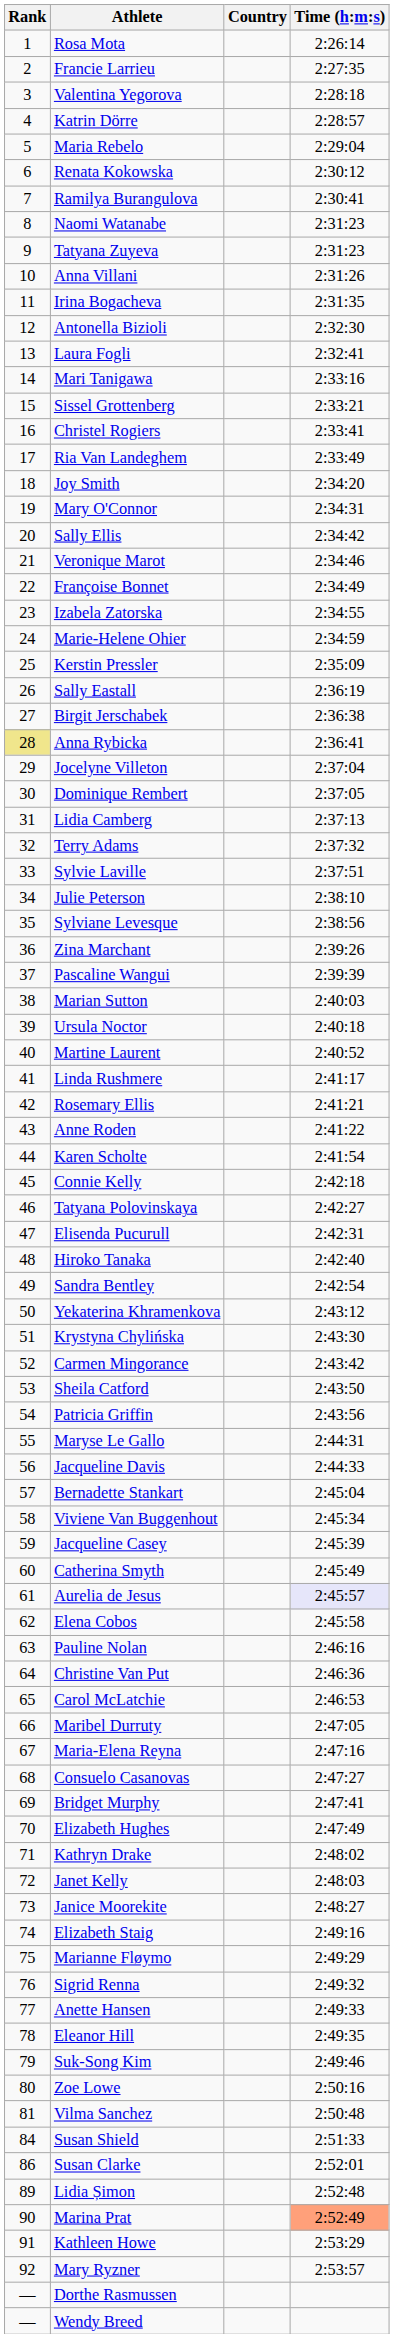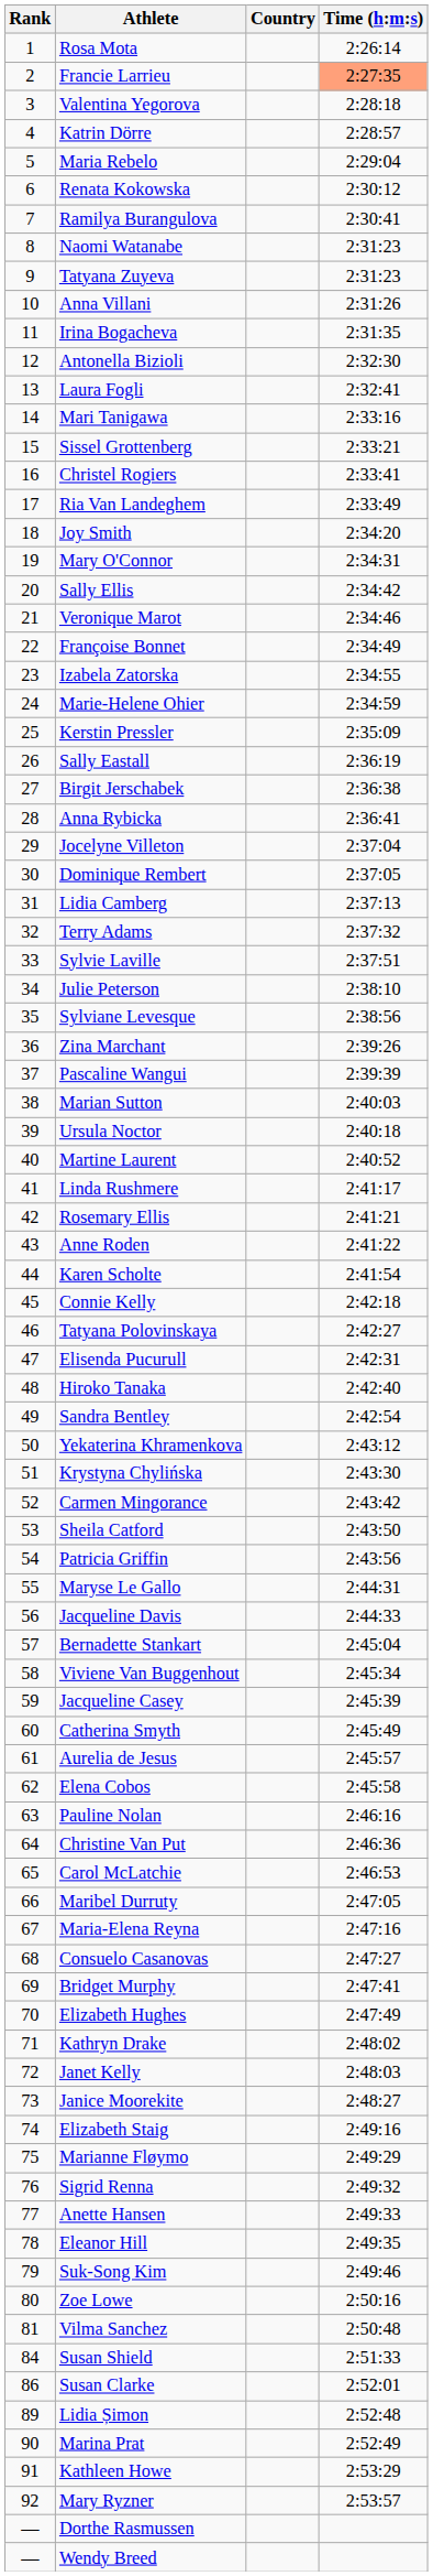 <table class="wikitable sortable" style="text-align:center">
 <tr>
 <th>Rank</th>
 <th>Athlete</th>
 <th>Country</th>
 <th>Time (<a href='#'>h</a>:<a href='#'>m</a>:<a href='#'>s</a>)</th>
 </tr>
 <tr>
 <td>1</td>
 <td align=left><a href='#'>Rosa Mota</a></td>
 <td align=left></td>
 <td>2:26:14</td>
 </tr>
 <tr>
 <td>2</td>
 <td align=left><a href='#'>Francie Larrieu</a></td>
 <td align=left></td>
-<td>2:27:35</td>
+<td style="background: lightsalmon;">2:27:35</td>
 </tr>
 <tr>
 <td>3</td>
 <td align=left><a href='#'>Valentina Yegorova</a></td>
 <td align=left></td>
 <td>2:28:18</td>
 </tr>
 <tr>
 <td>4</td>
 <td align=left><a href='#'>Katrin Dörre</a></td>
 <td align=left></td>
 <td>2:28:57</td>
 </tr>
 <tr>
 <td>5</td>
 <td align=left><a href='#'>Maria Rebelo</a></td>
 <td align=left></td>
 <td>2:29:04</td>
 </tr>
 <tr>
 <td>6</td>
 <td align=left><a href='#'>Renata Kokowska</a></td>
 <td align=left></td>
 <td>2:30:12</td>
 </tr>
 <tr>
 <td>7</td>
 <td align=left><a href='#'>Ramilya Burangulova</a></td>
 <td align=left></td>
 <td>2:30:41</td>
 </tr>
 <tr>
 <td>8</td>
 <td align=left><a href='#'>Naomi Watanabe</a></td>
 <td align=left></td>
 <td>2:31:23</td>
 </tr>
 <tr>
 <td>9</td>
 <td align=left><a href='#'>Tatyana Zuyeva</a></td>
 <td align=left></td>
 <td>2:31:23</td>
 </tr>
 <tr>
 <td>10</td>
 <td align=left><a href='#'>Anna Villani</a></td>
 <td align=left></td>
 <td>2:31:26</td>
 </tr>
 <tr>
 <td>11</td>
 <td align=left><a href='#'>Irina Bogacheva</a></td>
 <td align=left></td>
 <td>2:31:35</td>
 </tr>
 <tr>
 <td>12</td>
 <td align=left><a href='#'>Antonella Bizioli</a></td>
 <td align=left></td>
 <td>2:32:30</td>
 </tr>
 <tr>
 <td>13</td>
 <td align=left><a href='#'>Laura Fogli</a></td>
 <td align=left></td>
 <td>2:32:41</td>
 </tr>
 <tr>
 <td>14</td>
 <td align=left><a href='#'>Mari Tanigawa</a></td>
 <td align=left></td>
 <td>2:33:16</td>
 </tr>
 <tr>
 <td>15</td>
 <td align=left><a href='#'>Sissel Grottenberg</a></td>
 <td align=left></td>
 <td>2:33:21</td>
 </tr>
 <tr>
 <td>16</td>
 <td align=left><a href='#'>Christel Rogiers</a></td>
 <td align=left></td>
 <td>2:33:41</td>
 </tr>
 <tr>
 <td>17</td>
 <td align=left><a href='#'>Ria Van Landeghem</a></td>
 <td align=left></td>
 <td>2:33:49</td>
 </tr>
 <tr>
 <td>18</td>
 <td align=left><a href='#'>Joy Smith</a></td>
 <td align=left></td>
 <td>2:34:20</td>
 </tr>
 <tr>
 <td>19</td>
 <td align=left><a href='#'>Mary O'Connor</a></td>
 <td align=left></td>
 <td>2:34:31</td>
 </tr>
 <tr>
 <td>20</td>
 <td align=left><a href='#'>Sally Ellis</a></td>
 <td align=left></td>
 <td>2:34:42</td>
 </tr>
 <tr>
 <td>21</td>
 <td align=left><a href='#'>Veronique Marot</a></td>
 <td align=left></td>
 <td>2:34:46</td>
 </tr>
 <tr>
 <td>22</td>
 <td align=left><a href='#'>Françoise Bonnet</a></td>
 <td align=left></td>
 <td>2:34:49</td>
 </tr>
 <tr>
 <td>23</td>
 <td align=left><a href='#'>Izabela Zatorska</a></td>
 <td align=left></td>
 <td>2:34:55</td>
 </tr>
 <tr>
 <td>24</td>
 <td align=left><a href='#'>Marie-Helene Ohier</a></td>
 <td align=left></td>
 <td>2:34:59</td>
 </tr>
 <tr>
 <td>25</td>
 <td align=left><a href='#'>Kerstin Pressler</a></td>
 <td align=left></td>
 <td>2:35:09</td>
 </tr>
 <tr>
 <td>26</td>
 <td align=left><a href='#'>Sally Eastall</a></td>
 <td align=left></td>
 <td>2:36:19</td>
 </tr>
 <tr>
 <td>27</td>
 <td align=left><a href='#'>Birgit Jerschabek</a></td>
 <td align=left></td>
 <td>2:36:38</td>
 </tr>
 <tr>
-<td style="background: khaki;">28</td>
+<td>28</td>
 <td align=left><a href='#'>Anna Rybicka</a></td>
 <td align=left></td>
 <td>2:36:41</td>
 </tr>
 <tr>
 <td>29</td>
 <td align=left><a href='#'>Jocelyne Villeton</a></td>
 <td align=left></td>
 <td>2:37:04</td>
 </tr>
 <tr>
 <td>30</td>
 <td align=left><a href='#'>Dominique Rembert</a></td>
 <td align=left></td>
 <td>2:37:05</td>
 </tr>
 <tr>
 <td>31</td>
 <td align=left><a href='#'>Lidia Camberg</a></td>
 <td align=left></td>
 <td>2:37:13</td>
 </tr>
 <tr>
 <td>32</td>
 <td align=left><a href='#'>Terry Adams</a></td>
 <td align=left></td>
 <td>2:37:32</td>
 </tr>
 <tr>
 <td>33</td>
 <td align=left><a href='#'>Sylvie Laville</a></td>
 <td align=left></td>
 <td>2:37:51</td>
 </tr>
 <tr>
 <td>34</td>
 <td align=left><a href='#'>Julie Peterson</a></td>
 <td align=left></td>
 <td>2:38:10</td>
 </tr>
 <tr>
 <td>35</td>
 <td align=left><a href='#'>Sylviane Levesque</a></td>
 <td align=left></td>
 <td>2:38:56</td>
 </tr>
 <tr>
 <td>36</td>
 <td align=left><a href='#'>Zina Marchant</a></td>
 <td align=left></td>
 <td>2:39:26</td>
 </tr>
 <tr>
 <td>37</td>
 <td align=left><a href='#'>Pascaline Wangui</a></td>
 <td align=left></td>
 <td>2:39:39</td>
 </tr>
 <tr>
 <td>38</td>
 <td align=left><a href='#'>Marian Sutton</a></td>
 <td align=left></td>
 <td>2:40:03</td>
 </tr>
 <tr>
 <td>39</td>
 <td align=left><a href='#'>Ursula Noctor</a></td>
 <td align=left></td>
 <td>2:40:18</td>
 </tr>
 <tr>
 <td>40</td>
 <td align=left><a href='#'>Martine Laurent</a></td>
 <td align=left></td>
 <td>2:40:52</td>
 </tr>
 <tr>
 <td>41</td>
 <td align=left><a href='#'>Linda Rushmere</a></td>
 <td align=left></td>
 <td>2:41:17</td>
 </tr>
 <tr>
 <td>42</td>
 <td align=left><a href='#'>Rosemary Ellis</a></td>
 <td align=left></td>
 <td>2:41:21</td>
 </tr>
 <tr>
 <td>43</td>
 <td align=left><a href='#'>Anne Roden</a></td>
 <td align=left></td>
 <td>2:41:22</td>
 </tr>
 <tr>
 <td>44</td>
 <td align=left><a href='#'>Karen Scholte</a></td>
 <td align=left></td>
 <td>2:41:54</td>
 </tr>
 <tr>
 <td>45</td>
 <td align=left><a href='#'>Connie Kelly</a></td>
 <td align=left></td>
 <td>2:42:18</td>
 </tr>
 <tr>
 <td>46</td>
 <td align=left><a href='#'>Tatyana Polovinskaya</a></td>
 <td align=left></td>
 <td>2:42:27</td>
 </tr>
 <tr>
 <td>47</td>
 <td align=left><a href='#'>Elisenda Pucurull</a></td>
 <td align=left></td>
 <td>2:42:31</td>
 </tr>
 <tr>
 <td>48</td>
 <td align=left><a href='#'>Hiroko Tanaka</a></td>
 <td align=left></td>
 <td>2:42:40</td>
 </tr>
 <tr>
 <td>49</td>
 <td align=left><a href='#'>Sandra Bentley</a></td>
 <td align=left></td>
 <td>2:42:54</td>
 </tr>
 <tr>
 <td>50</td>
 <td align=left><a href='#'>Yekaterina Khramenkova</a></td>
 <td align=left></td>
 <td>2:43:12</td>
 </tr>
 <tr>
 <td>51</td>
 <td align=left><a href='#'>Krystyna Chylińska</a></td>
 <td align=left></td>
 <td>2:43:30</td>
 </tr>
 <tr>
 <td>52</td>
 <td align=left><a href='#'>Carmen Mingorance</a></td>
 <td align=left></td>
 <td>2:43:42</td>
 </tr>
 <tr>
 <td>53</td>
 <td align=left><a href='#'>Sheila Catford</a></td>
 <td align=left></td>
 <td>2:43:50</td>
 </tr>
 <tr>
 <td>54</td>
 <td align=left><a href='#'>Patricia Griffin</a></td>
 <td align=left></td>
 <td>2:43:56</td>
 </tr>
 <tr>
 <td>55</td>
 <td align=left><a href='#'>Maryse Le Gallo</a></td>
 <td align=left></td>
 <td>2:44:31</td>
 </tr>
 <tr>
 <td>56</td>
 <td align=left><a href='#'>Jacqueline Davis</a></td>
 <td align=left></td>
 <td>2:44:33</td>
 </tr>
 <tr>
 <td>57</td>
 <td align=left><a href='#'>Bernadette Stankart</a></td>
 <td align=left></td>
 <td>2:45:04</td>
 </tr>
 <tr>
 <td>58</td>
 <td align=left><a href='#'>Viviene Van Buggenhout</a></td>
 <td align=left></td>
 <td>2:45:34</td>
 </tr>
 <tr>
 <td>59</td>
 <td align=left><a href='#'>Jacqueline Casey</a></td>
 <td align=left></td>
 <td>2:45:39</td>
 </tr>
 <tr>
 <td>60</td>
 <td align=left><a href='#'>Catherina Smyth</a></td>
 <td align=left></td>
 <td>2:45:49</td>
 </tr>
 <tr>
 <td>61</td>
 <td align=left><a href='#'>Aurelia de Jesus</a></td>
 <td align=left></td>
-<td style="background: lavender;">2:45:57</td>
+<td>2:45:57</td>
 </tr>
 <tr>
 <td>62</td>
 <td align=left><a href='#'>Elena Cobos</a></td>
 <td align=left></td>
 <td>2:45:58</td>
 </tr>
 <tr>
 <td>63</td>
 <td align=left><a href='#'>Pauline Nolan</a></td>
 <td align=left></td>
 <td>2:46:16</td>
 </tr>
 <tr>
 <td>64</td>
 <td align=left><a href='#'>Christine Van Put</a></td>
 <td align=left></td>
 <td>2:46:36</td>
 </tr>
 <tr>
 <td>65</td>
 <td align=left><a href='#'>Carol McLatchie</a></td>
 <td align=left></td>
 <td>2:46:53</td>
 </tr>
 <tr>
 <td>66</td>
 <td align=left><a href='#'>Maribel Durruty</a></td>
 <td align=left></td>
 <td>2:47:05</td>
 </tr>
 <tr>
 <td>67</td>
 <td align=left><a href='#'>Maria-Elena Reyna</a></td>
 <td align=left></td>
 <td>2:47:16</td>
 </tr>
 <tr>
 <td>68</td>
 <td align=left><a href='#'>Consuelo Casanovas</a></td>
 <td align=left></td>
 <td>2:47:27</td>
 </tr>
 <tr>
 <td>69</td>
 <td align=left><a href='#'>Bridget Murphy</a></td>
 <td align=left></td>
 <td>2:47:41</td>
 </tr>
 <tr>
 <td>70</td>
 <td align=left><a href='#'>Elizabeth Hughes</a></td>
 <td align=left></td>
 <td>2:47:49</td>
 </tr>
 <tr>
 <td>71</td>
 <td align=left><a href='#'>Kathryn Drake</a></td>
 <td align=left></td>
 <td>2:48:02</td>
 </tr>
 <tr>
 <td>72</td>
 <td align=left><a href='#'>Janet Kelly</a></td>
 <td align=left></td>
 <td>2:48:03</td>
 </tr>
 <tr>
 <td>73</td>
 <td align=left><a href='#'>Janice Moorekite</a></td>
 <td align=left></td>
 <td>2:48:27</td>
 </tr>
 <tr>
 <td>74</td>
 <td align=left><a href='#'>Elizabeth Staig</a></td>
 <td align=left></td>
 <td>2:49:16</td>
 </tr>
 <tr>
 <td>75</td>
 <td align=left><a href='#'>Marianne Fløymo</a></td>
 <td align=left></td>
 <td>2:49:29</td>
 </tr>
 <tr>
 <td>76</td>
 <td align=left><a href='#'>Sigrid Renna</a></td>
 <td align=left></td>
 <td>2:49:32</td>
 </tr>
 <tr>
 <td>77</td>
 <td align=left><a href='#'>Anette Hansen</a></td>
 <td align=left></td>
 <td>2:49:33</td>
 </tr>
 <tr>
 <td>78</td>
 <td align=left><a href='#'>Eleanor Hill</a></td>
 <td align=left></td>
 <td>2:49:35</td>
 </tr>
 <tr>
 <td>79</td>
 <td align=left><a href='#'>Suk-Song Kim</a></td>
 <td align=left></td>
 <td>2:49:46</td>
 </tr>
 <tr>
 <td>80</td>
 <td align=left><a href='#'>Zoe Lowe</a></td>
 <td align=left></td>
 <td>2:50:16</td>
 </tr>
 <tr>
 <td>81</td>
 <td align=left><a href='#'>Vilma Sanchez</a></td>
 <td align=left></td>
 <td>2:50:48</td>
 </tr>
 <tr>
 <td>84</td>
 <td align=left><a href='#'>Susan Shield</a></td>
 <td align=left></td>
 <td>2:51:33</td>
 </tr>
 <tr>
 <td>86</td>
 <td align=left><a href='#'>Susan Clarke</a></td>
 <td align=left></td>
 <td>2:52:01</td>
 </tr>
 <tr>
 <td>89</td>
 <td align=left><a href='#'>Lidia Șimon</a></td>
 <td align=left></td>
 <td>2:52:48</td>
 </tr>
 <tr>
 <td>90</td>
 <td align=left><a href='#'>Marina Prat</a></td>
 <td align=left></td>
-<td style="background: lightsalmon;">2:52:49</td>
+<td>2:52:49</td>
 </tr>
 <tr>
 <td>91</td>
 <td align=left><a href='#'>Kathleen Howe</a></td>
 <td align=left></td>
 <td>2:53:29</td>
 </tr>
 <tr>
 <td>92</td>
 <td align=left><a href='#'>Mary Ryzner</a></td>
 <td align=left></td>
 <td>2:53:57</td>
 </tr>
 <tr>
 <td>—</td>
 <td align=left><a href='#'>Dorthe Rasmussen</a></td>
 <td align=left></td>
 <td></td>
 </tr>
 <tr>
 <td>—</td>
 <td align=left><a href='#'>Wendy Breed</a></td>
 <td align=left></td>
 <td></td>
 </tr>
 </table>
